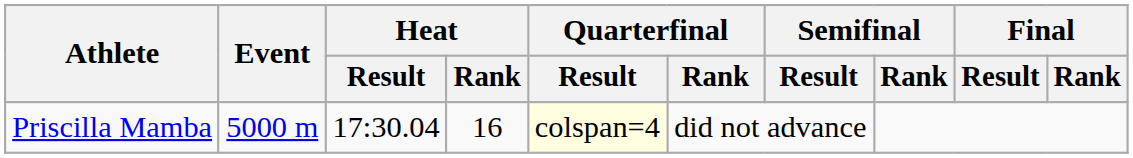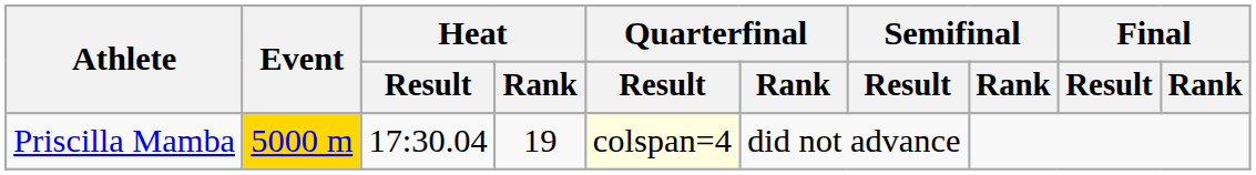 <table class="wikitable" style="font-size:90%">
 <tr>
 <th rowspan="2">Athlete</th>
 <th rowspan="2">Event</th>
 <th colspan="2">Heat</th>
 <th colspan="2">Quarterfinal</th>
 <th colspan="2">Semifinal</th>
 <th colspan="2">Final</th>
 </tr>
 <tr style="font-size:95%">
 <th>Result</th>
 <th>Rank</th>
 <th>Result</th>
 <th>Rank</th>
 <th>Result</th>
 <th>Rank</th>
 <th>Result</th>
 <th>Rank</th>
 </tr>
 <tr align=center>
 <td style="text-align:left;"><a href='#'>Priscilla Mamba</a></td>
-<td align=left><a href='#'>5000 m</a></td>
+<td align=left style="background: gold;"><a href='#'>5000 m</a></td>
 <td>17:30.04</td>
-<td>16</td>
+<td>19</td>
 <td style="background: lightyellow;">colspan=4 </td>
 <td colspan=2>did not advance</td>
 </tr>
 </table>
